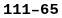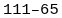 <table style="text-align:center">
 <tr>
 <th width=200></th>
 <th width=100></th>
 <th width=200></th>
 <th></th>
 </tr>
 <tr>
 <td align=right><strong></strong></td>
-<td><strong>111–65</strong></td>
+<td>111–65</td>
 <td align=left></td>
 </tr>
 </table>
